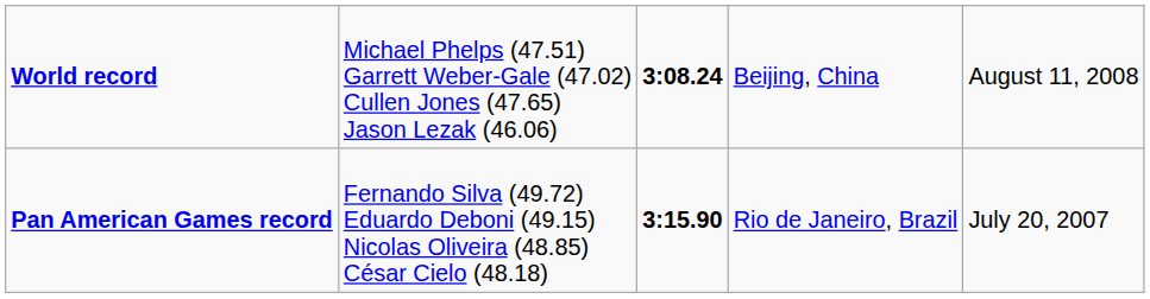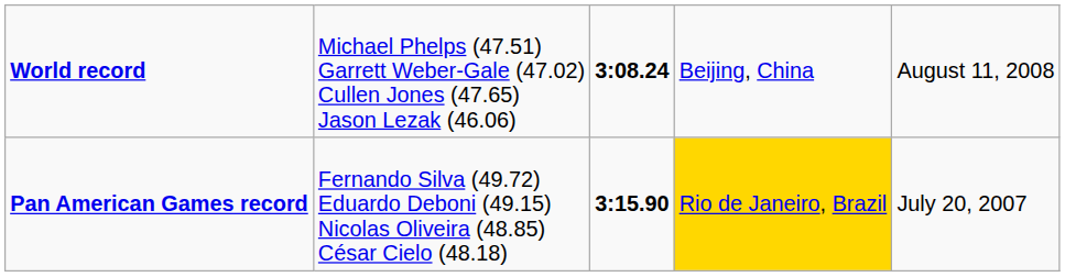 <table class="wikitable">
 <tr>
 <td><strong><a href='#'>World record</a></strong></td>
 <td><br><a href='#'>Michael Phelps</a> (47.51)<br><a href='#'>Garrett Weber-Gale</a> (47.02)<br><a href='#'>Cullen Jones</a> (47.65)<br><a href='#'>Jason Lezak</a> (46.06)</td>
 <td><strong>3:08.24</strong></td>
 <td><a href='#'>Beijing</a>, <a href='#'>China</a></td>
 <td>August 11, 2008</td>
 </tr>
 <tr>
 <td><strong><a href='#'>Pan American Games record</a></strong></td>
 <td><br><a href='#'>Fernando Silva</a> (49.72)<br><a href='#'>Eduardo Deboni</a> (49.15)<br><a href='#'>Nicolas Oliveira</a> (48.85)<br><a href='#'>César Cielo</a> (48.18)</td>
 <td><strong>3:15.90</strong></td>
-<td><a href='#'>Rio de Janeiro</a>, <a href='#'>Brazil</a></td>
+<td style="background: gold;"><a href='#'>Rio de Janeiro</a>, <a href='#'>Brazil</a></td>
 <td>July 20, 2007</td>
 </tr>
 </table>
